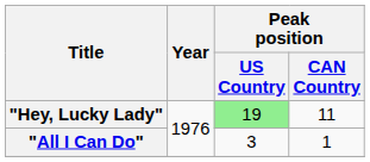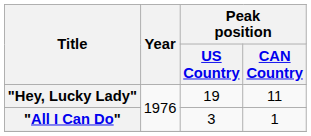 <table class="wikitable plainrowheaders" style="text-align:center;">
 <tr>
 <th scope="col" rowspan = "2">Title</th>
 <th scope="col" rowspan = "2">Year</th>
 <th scope="col" colspan="2">Peak<br>position</th>
 </tr>
 <tr>
 <th><a href='#'>US<br>Country</a><br></th>
 <th scope="col"><a href='#'>CAN<br>Country</a><br></th>
 </tr>
 <tr>
 <th scope = "row">"Hey, Lucky Lady"</th>
 <td rowspan = "2">1976</td>
-<td style="background: lightgreen;">19</td>
+<td>19</td>
 <td>11</td>
 </tr>
 <tr>
 <th scope = "row">"<a href='#'>All I Can Do</a>"</th>
 <td>3</td>
 <td>1</td>
 </tr>
 <tr>
 </tr>
 </table>
